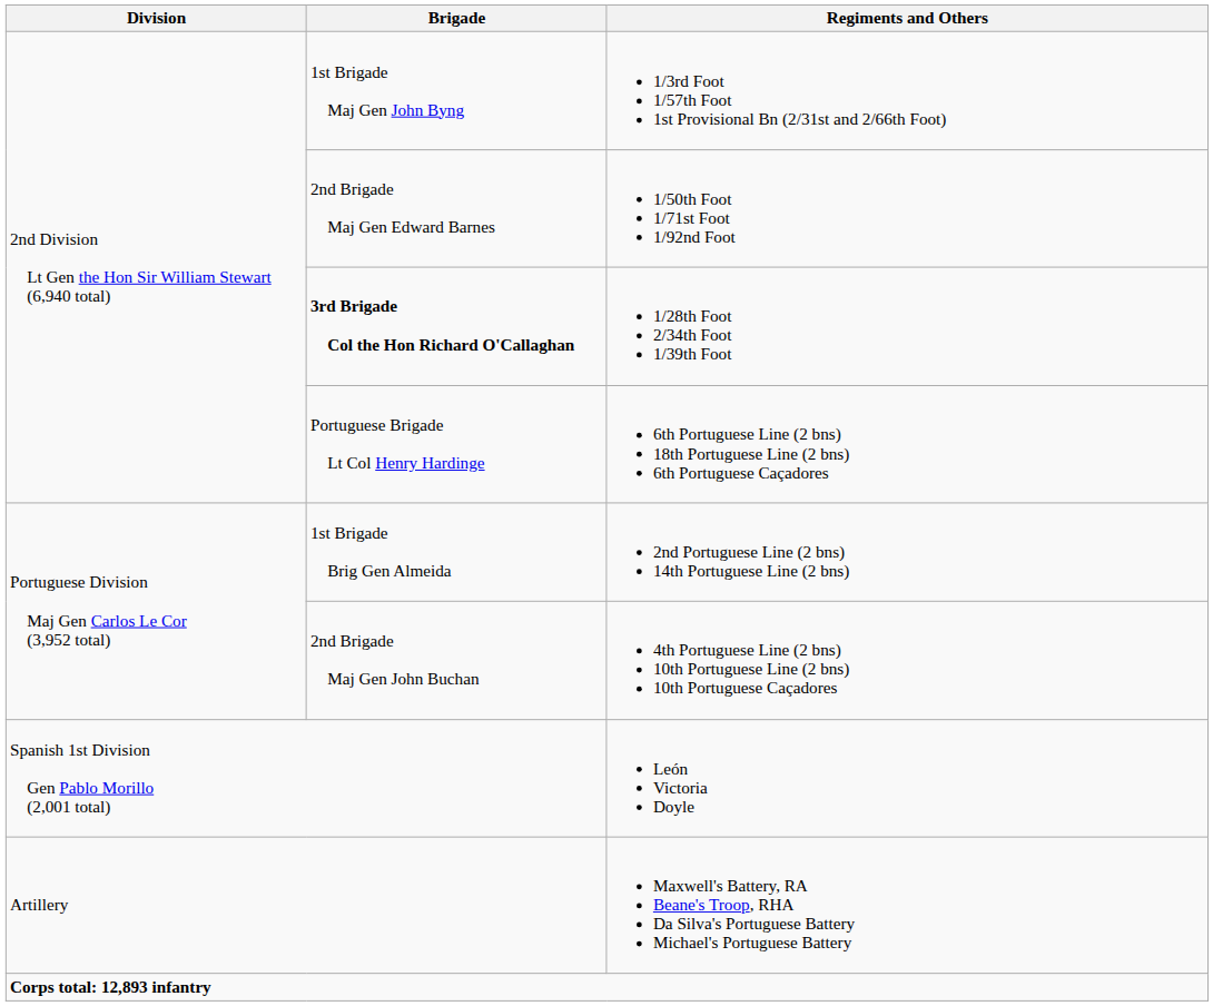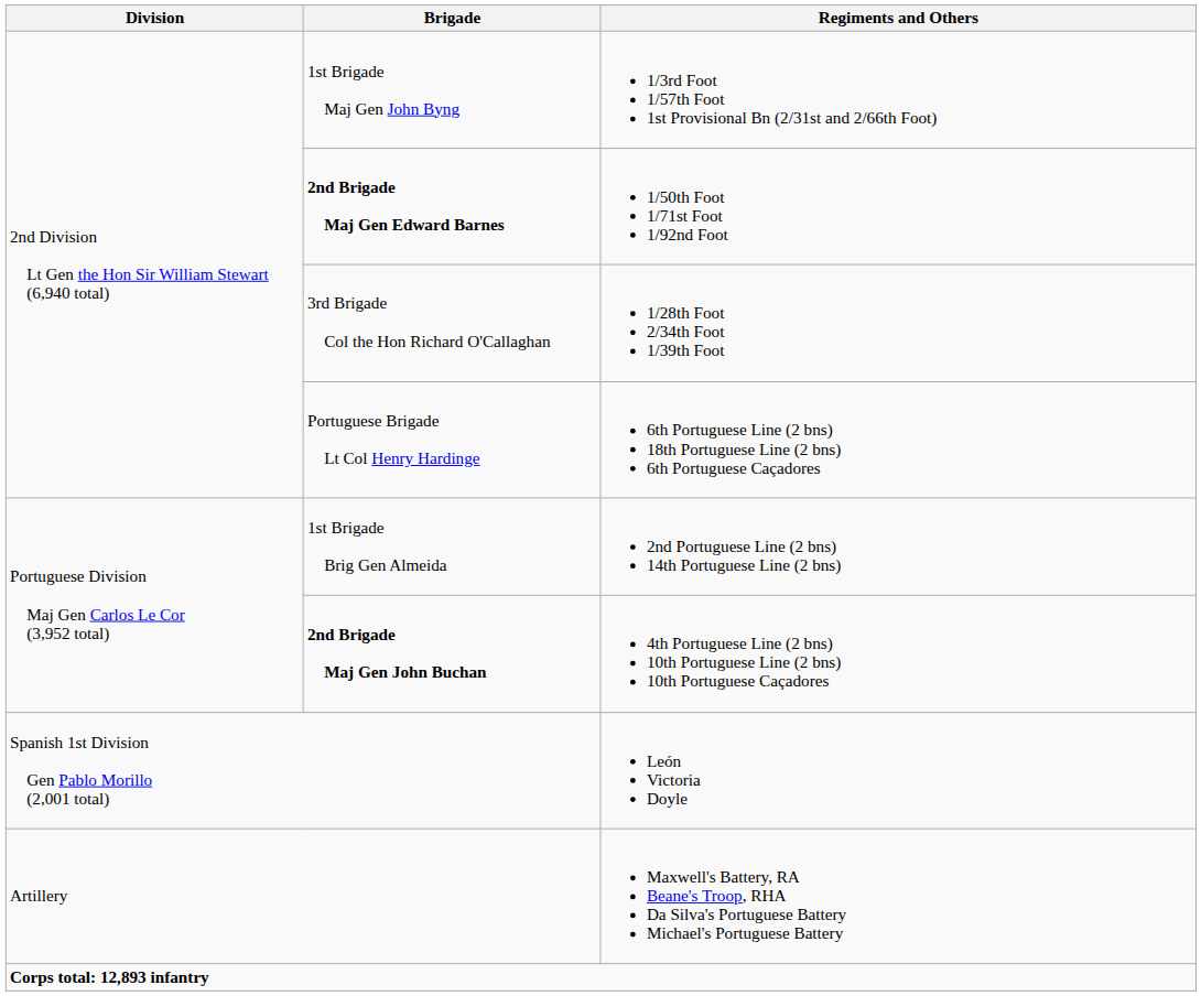 <table class="wikitable" width="90%" style="margin: 1em auto 1em auto">
 <tr>
 <th style="width:25%;">Division</th>
 <th style="width:25%;">Brigade</th>
 <th>Regiments and Others</th>
 </tr>
 <tr>
 <td rowspan=4>2nd Division<br><br>    Lt Gen <a href='#'>the Hon Sir William Stewart</a> <br>    (6,940 total)</td>
 <td>1st Brigade<br><br>    Maj Gen <a href='#'>John Byng</a></td>
 <td><br><ul><li>1/3rd Foot</li><li>1/57th Foot</li><li>1st Provisional Bn (2/31st and 2/66th Foot)</li></ul></td>
 </tr>
 <tr>
-<td>2nd Brigade<br><br>    Maj Gen Edward Barnes</td>
+<td><strong>2nd Brigade<br><br>    Maj Gen Edward Barnes</strong></td>
 <td><br><ul><li>1/50th Foot</li><li>1/71st Foot</li><li>1/92nd Foot</li></ul></td>
 </tr>
 <tr>
-<td><strong>3rd Brigade<br><br>    Col the Hon Richard O'Callaghan</strong></td>
+<td>3rd Brigade<br><br>    Col the Hon Richard O'Callaghan</td>
 <td><br><ul><li>1/28th Foot</li><li>2/34th Foot</li><li>1/39th Foot</li></ul></td>
 </tr>
 <tr>
 <td>Portuguese Brigade<br><br>    Lt Col <a href='#'>Henry Hardinge</a></td>
 <td><br><ul><li>6th Portuguese Line (2 bns)</li><li>18th Portuguese Line (2 bns)</li><li>6th Portuguese Caçadores</li></ul></td>
 </tr>
 <tr>
 <td rowspan=2>Portuguese Division<br><br>    Maj Gen <a href='#'>Carlos Le Cor</a> <br>    (3,952 total)</td>
 <td>1st Brigade<br><br>    Brig Gen Almeida</td>
 <td><br><ul><li>2nd Portuguese Line (2 bns)</li><li>14th Portuguese Line (2 bns)</li></ul></td>
 </tr>
 <tr>
-<td>2nd Brigade<br><br>    Maj Gen John Buchan</td>
+<td><strong>2nd Brigade<br><br>    Maj Gen John Buchan</strong></td>
 <td><br><ul><li>4th Portuguese Line (2 bns)</li><li>10th Portuguese Line (2 bns)</li><li>10th Portuguese Caçadores</li></ul></td>
 </tr>
 <tr>
 <td colspan=2>Spanish 1st Division<br><br>    Gen <a href='#'>Pablo Morillo</a> <br>    (2,001 total)</td>
 <td><br><ul><li>León</li><li>Victoria</li><li>Doyle</li></ul></td>
 </tr>
 <tr>
 <td colspan=2>Artillery</td>
 <td><br><ul><li>Maxwell's Battery, RA</li><li><a href='#'>Beane's Troop</a>, RHA</li><li>Da Silva's Portuguese Battery</li><li>Michael's Portuguese Battery</li></ul></td>
 </tr>
 <tr>
 <td colspan=3><strong>Corps total: 12,893 infantry</strong></td>
 </tr>
 </table>
